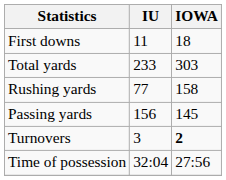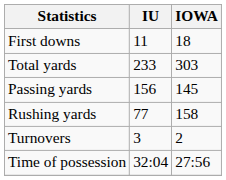 <table class="wikitable">
 <tr>
 <th>Statistics</th>
 <th>IU</th>
 <th>IOWA</th>
 </tr>
 <tr>
 <td>First downs</td>
 <td>11</td>
 <td>18</td>
 </tr>
 <tr>
 <td>Total yards</td>
 <td>233</td>
 <td>303</td>
 </tr>
 <tr>
+<td>Passing yards</td>
+<td>156</td>
+<td>145</td>
+</tr>
+<tr>
 <td>Rushing yards</td>
 <td>77</td>
 <td>158</td>
 </tr>
 <tr>
-<td>Passing yards</td>
-<td>156</td>
-<td>145</td>
-</tr>
-<tr>
 <td>Turnovers</td>
 <td>3</td>
-<td><strong>2</strong></td>
+<td>2</td>
 </tr>
 <tr>
 <td>Time of possession</td>
 <td>32:04</td>
 <td>27:56</td>
 </tr>
 <tr>
 </tr>
 </table>
